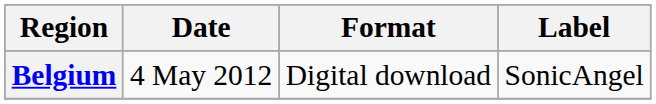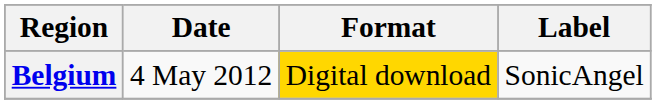 <table class="wikitable sortable plainrowheaders">
 <tr>
 <th scope="col">Region</th>
 <th scope="col">Date</th>
 <th scope="col">Format</th>
 <th scope="col">Label</th>
 </tr>
 <tr>
 <th scope="row"><a href='#'>Belgium</a></th>
 <td>4 May 2012</td>
-<td>Digital download</td>
+<td style="background: gold;">Digital download</td>
 <td>SonicAngel</td>
 </tr>
 <tr>
 </tr>
 </table>
